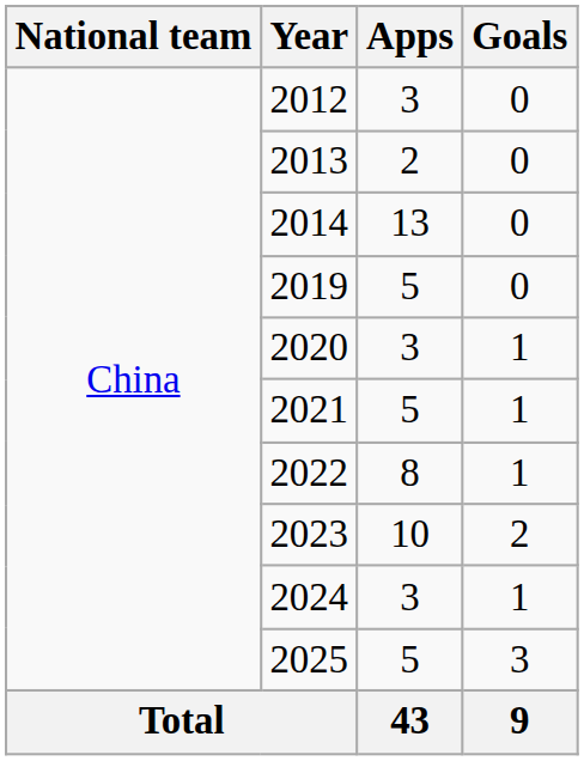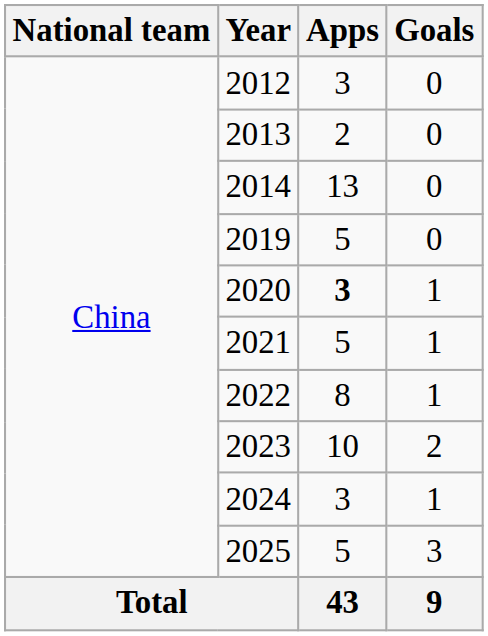 <table class="wikitable" style="text-align:center">
 <tr>
 <th>National team</th>
 <th>Year</th>
 <th>Apps</th>
 <th>Goals</th>
 </tr>
 <tr>
 <td rowspan="10"><a href='#'>China</a></td>
 <td>2012</td>
 <td>3</td>
 <td>0</td>
 </tr>
 <tr>
 <td>2013</td>
 <td>2</td>
 <td>0</td>
 </tr>
 <tr>
 <td>2014</td>
 <td>13</td>
 <td>0</td>
 </tr>
 <tr>
 <td>2019</td>
 <td>5</td>
 <td>0</td>
 </tr>
 <tr>
 <td>2020</td>
-<td>3</td>
+<td><strong>3</strong></td>
 <td>1</td>
 </tr>
 <tr>
 <td>2021</td>
 <td>5</td>
 <td>1</td>
 </tr>
 <tr>
 <td>2022</td>
 <td>8</td>
 <td>1</td>
 </tr>
 <tr>
 <td>2023</td>
 <td>10</td>
 <td>2</td>
 </tr>
 <tr>
 <td>2024</td>
 <td>3</td>
 <td>1</td>
 </tr>
 <tr>
 <td>2025</td>
 <td>5</td>
 <td>3</td>
 </tr>
 <tr>
 <th colspan="2">Total</th>
 <th>43</th>
 <th>9</th>
 </tr>
 </table>
